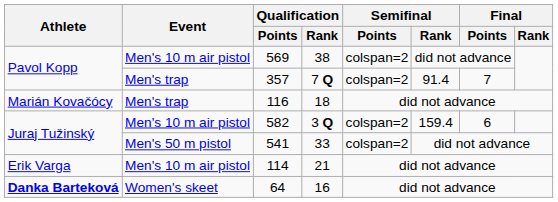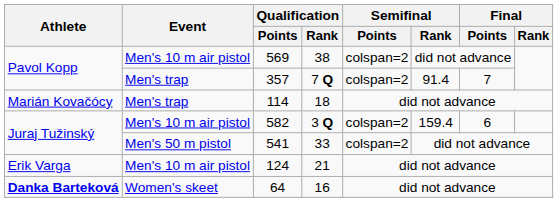 <table class="wikitable" style="font-size:90%">
 <tr>
 <th rowspan="2">Athlete</th>
 <th rowspan="2">Event</th>
 <th colspan=2>Qualification</th>
 <th colspan=2>Semifinal</th>
 <th colspan=2>Final</th>
 </tr>
 <tr style="font-size:95%">
 <th>Points</th>
 <th>Rank</th>
 <th>Points</th>
 <th>Rank</th>
 <th>Points</th>
 <th>Rank</th>
 </tr>
 <tr align=center>
 <td align=left rowspan=2><a href='#'>Pavol Kopp</a></td>
 <td align=left><a href='#'>Men's 10 m air pistol</a></td>
 <td>569</td>
 <td>38</td>
 <td>colspan=2 </td>
 <td colspan=2>did not advance</td>
 </tr>
 <tr align=center>
 <td align=left><a href='#'>Men's trap</a></td>
 <td>357</td>
 <td>7 <strong>Q</strong></td>
 <td>colspan=2 </td>
 <td>91.4</td>
 <td>7</td>
 </tr>
 <tr align=center>
 <td align=left><a href='#'>Marián Kovačócy</a></td>
 <td align=left><a href='#'>Men's trap</a></td>
-<td>116</td>
+<td>114</td>
 <td>18</td>
 <td colspan=4>did not advance</td>
 </tr>
 <tr align=center>
 <td align=left rowspan=2><a href='#'>Juraj Tužinský</a></td>
 <td align=left><a href='#'>Men's 10 m air pistol</a></td>
 <td>582</td>
 <td>3 <strong>Q</strong></td>
 <td>colspan=2 </td>
 <td>159.4</td>
 <td>6</td>
 </tr>
 <tr align=center>
 <td align=left><a href='#'>Men's 50 m pistol</a></td>
 <td>541</td>
 <td>33</td>
 <td>colspan=2 </td>
 <td colspan=4>did not advance</td>
 </tr>
 <tr align=center>
 <td align=left><a href='#'>Erik Varga</a></td>
 <td align=left><a href='#'>Men's 10 m air pistol</a></td>
-<td>114</td>
+<td>124</td>
 <td>21</td>
 <td colspan=4>did not advance</td>
 </tr>
 <tr align=center>
 <td align=left><strong><a href='#'>Danka Barteková</a></strong></td>
 <td align=left><a href='#'>Women's skeet</a></td>
 <td>64</td>
 <td>16</td>
 <td colspan=4>did not advance</td>
 </tr>
 </table>
